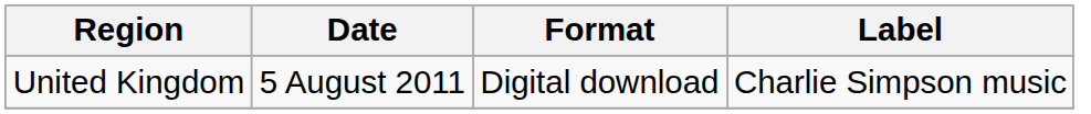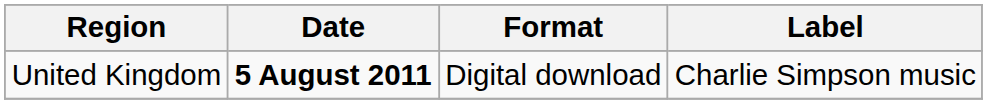 <table class=wikitable>
 <tr>
 <th>Region</th>
 <th>Date</th>
 <th>Format</th>
 <th>Label</th>
 </tr>
 <tr>
 <td> United Kingdom</td>
-<td>5 August 2011</td>
+<td><strong>5 August 2011</strong></td>
 <td>Digital download</td>
 <td>Charlie Simpson music</td>
 </tr>
 <tr>
 </tr>
 </table>
